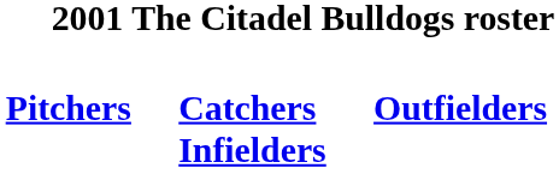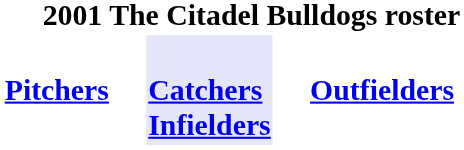 <table class="toccolours" style="border-collapse:collapse; font-size:90%;">
 <tr>
 <th colspan="9">2001 The Citadel Bulldogs roster</th>
 </tr>
 <tr>
 </tr>
 <tr>
 <td width="03"> </td>
 <td valign="top"><br><strong><a href='#'>Pitchers</a></strong></td>
 <td width="15"> </td>
-<td valign="top"><br><strong><a href='#'>Catchers</a></strong><br><strong><a href='#'>Infielders</a></strong></td>
+<td valign="top" style="background: lavender;"><br><strong><a href='#'>Catchers</a></strong><br><strong><a href='#'>Infielders</a></strong></td>
 <td width="15"> </td>
 <td valign="top"><br><strong><a href='#'>Outfielders</a></strong></td>
 <td width="25"> </td>
 </tr>
 </table>
